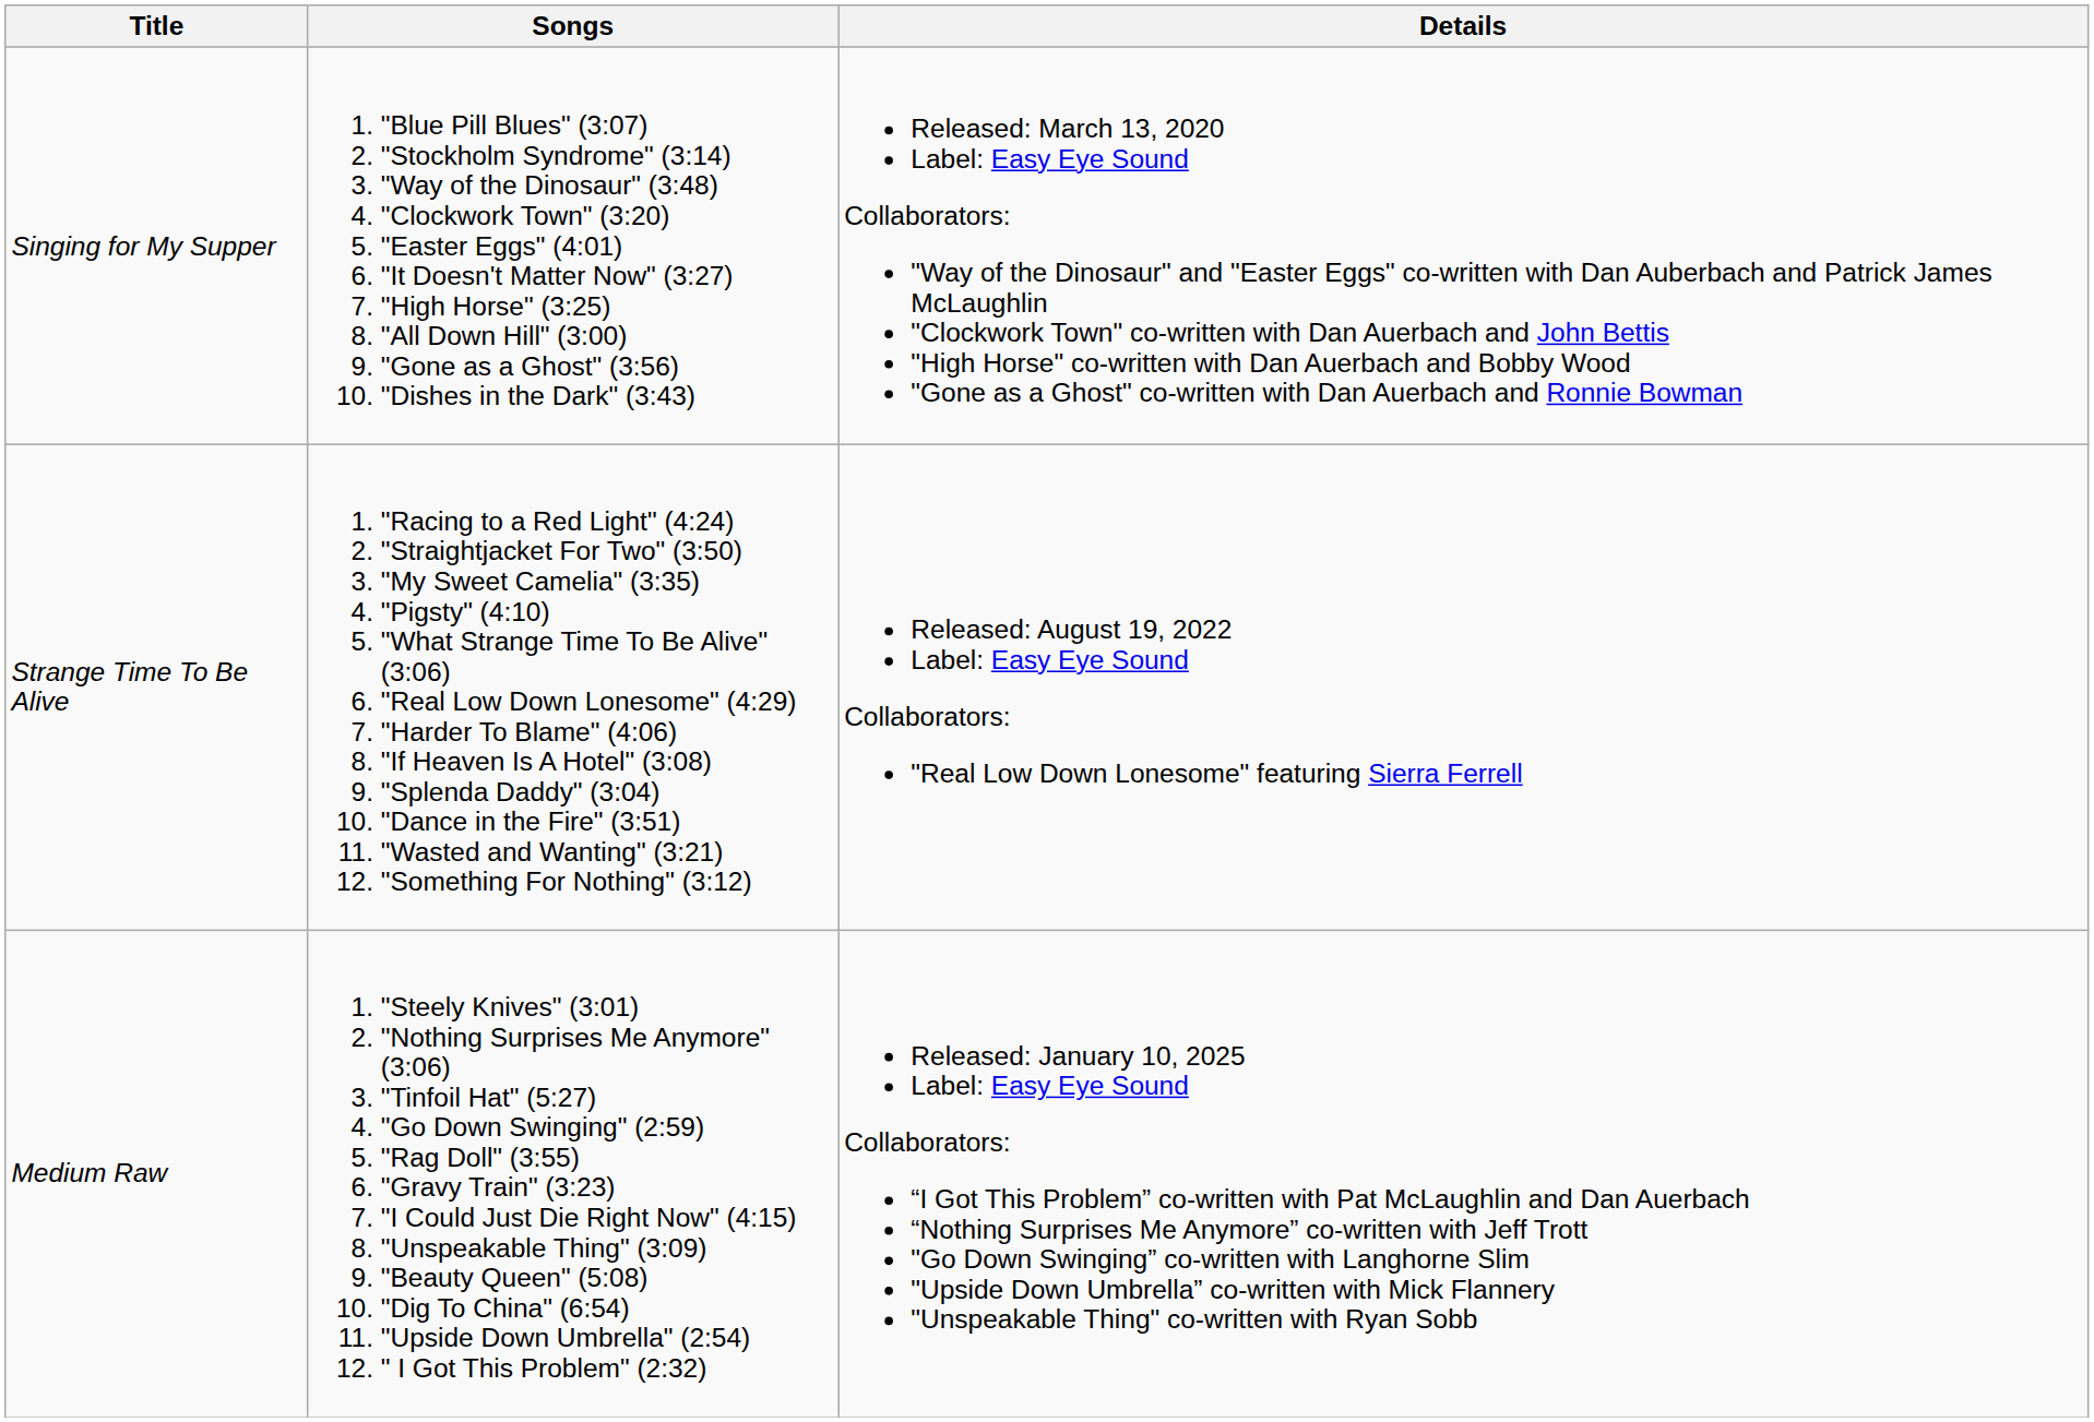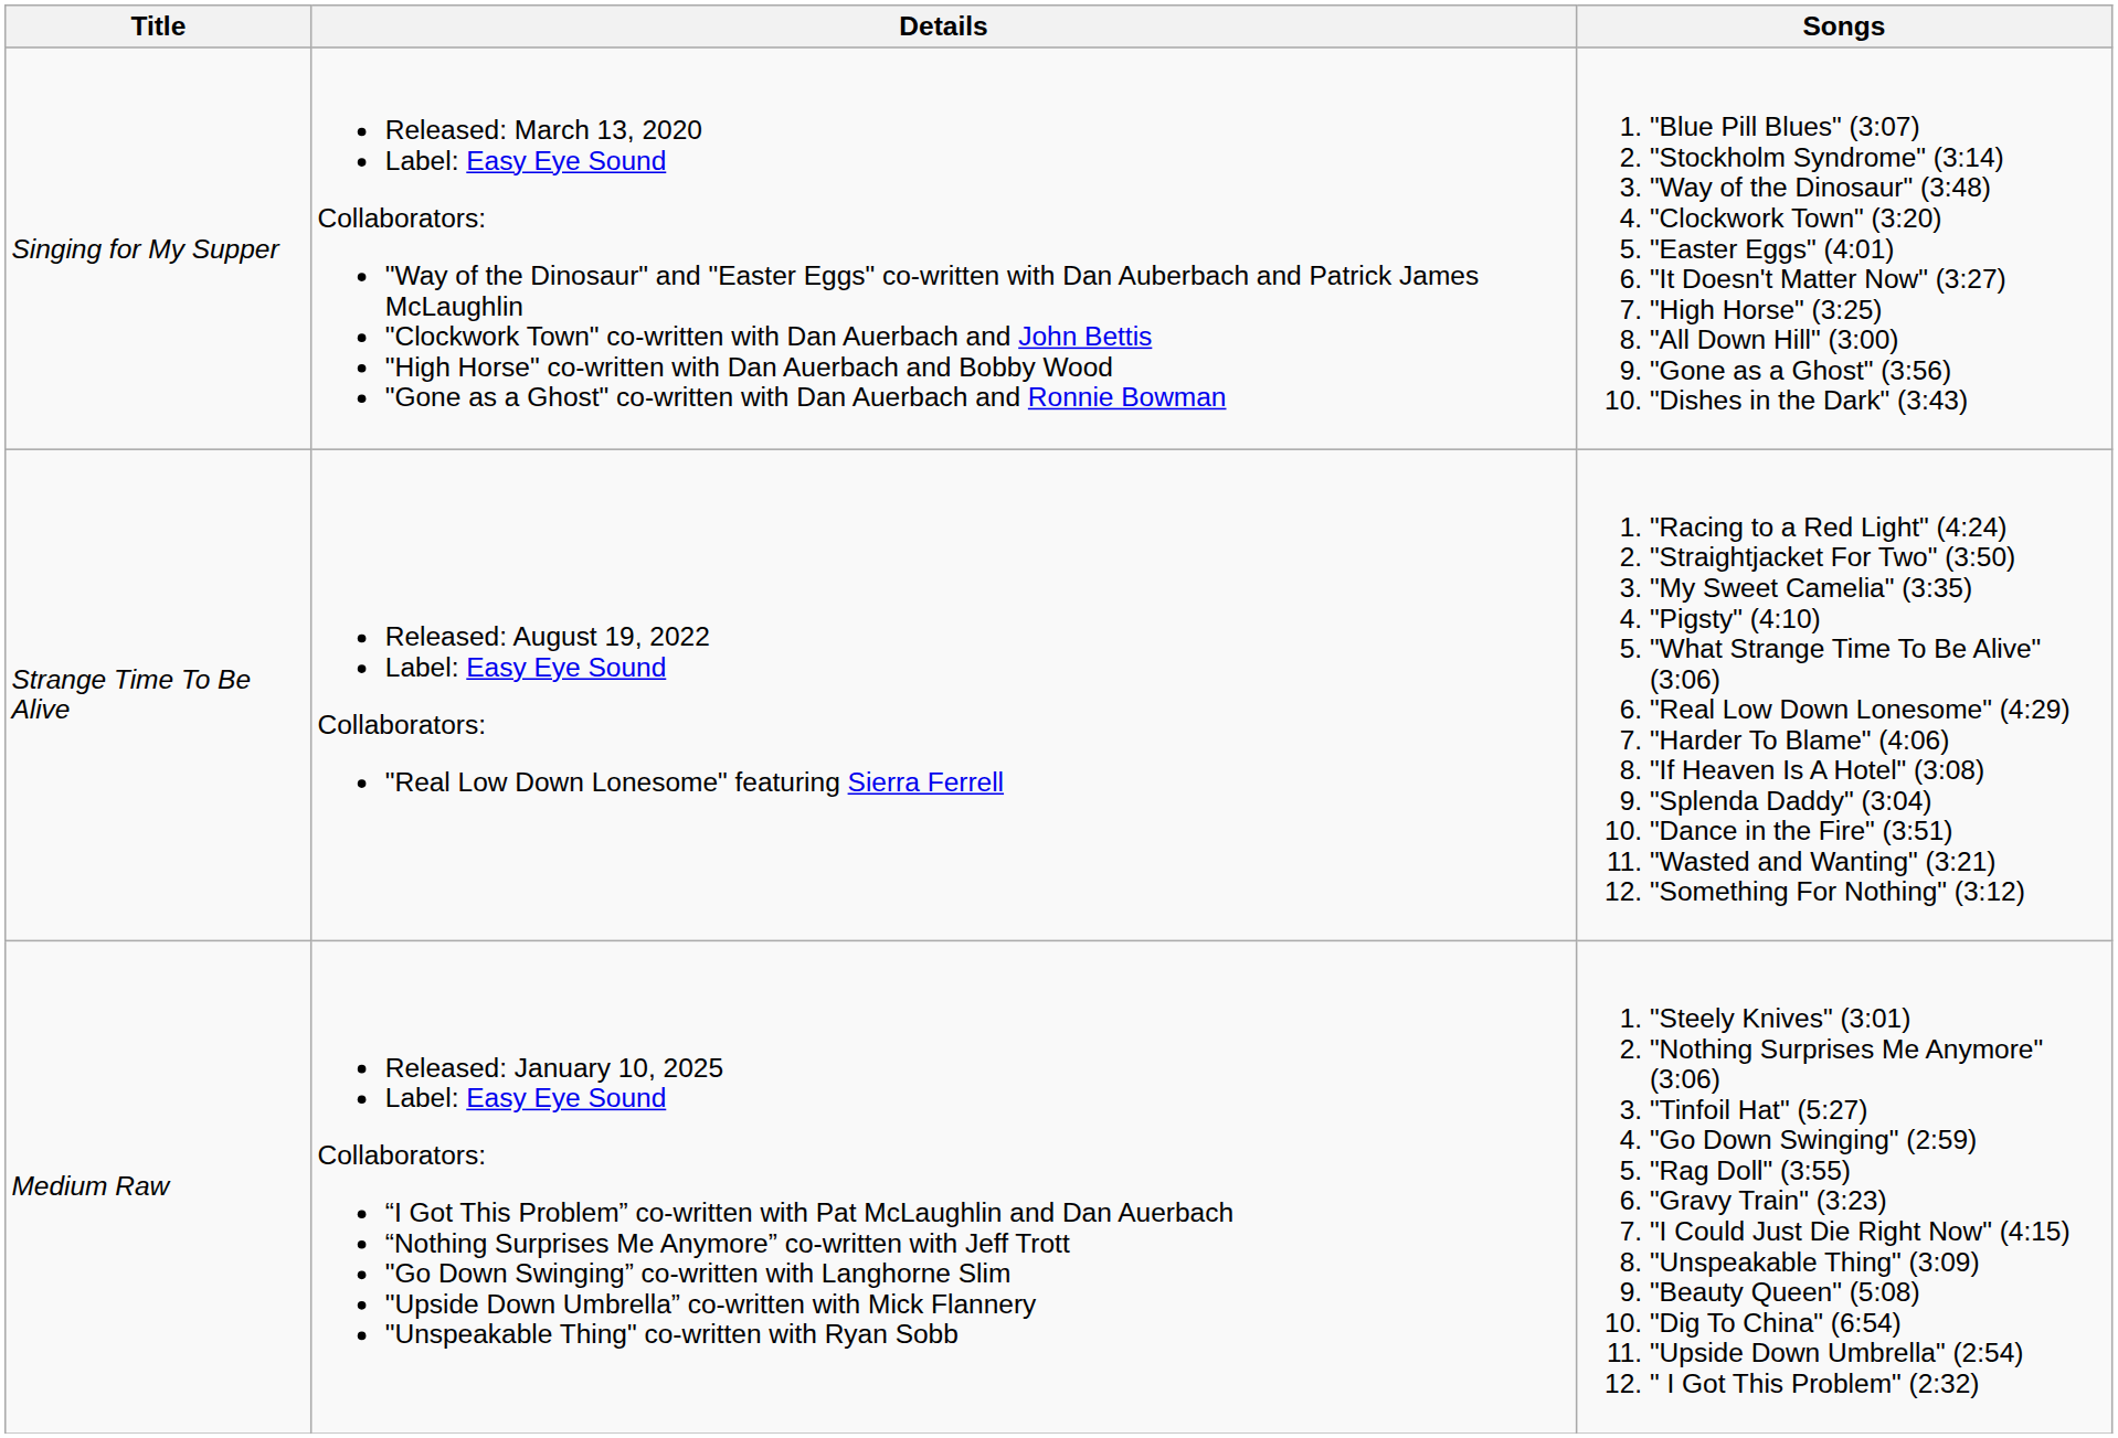 <table class="wikitable">
 <tr>
 <th>Title</th>
+<th>Details</th>
 <th>Songs</th>
-<th>Details</th>
 </tr>
 <tr>
 <td><em>Singing for My Supper</em></td>
+<td><br><ul><li>Released: March 13, 2020</li><li>Label: <a href='#'>Easy Eye Sound</a></li></ul>Collaborators:<ul><li>"Way of the Dinosaur" and "Easter Eggs" co-written with Dan Auberbach and Patrick James McLaughlin</li><li>"Clockwork Town" co-written with Dan Auerbach and <a href='#'>John Bettis</a></li><li>"High Horse" co-written with Dan Auerbach and Bobby Wood</li><li>"Gone as a Ghost" co-written with Dan Auerbach and <a href='#'>Ronnie Bowman</a></li></ul></td>
 <td><br><ol><li><bdi>"Blue Pill Blues" (</bdi>3:07)</li><li><bdi>"Stockholm Syndrome" (</bdi>3:14)</li><li><bdi>"Way of the Dinosaur" (</bdi>3:48)</li><li><bdi>"Clockwork Town" (</bdi>3:20)</li><li><bdi>"Easter Eggs" (</bdi>4:01)</li><li><bdi>"It Doesn't Matter Now" (</bdi>3:27)</li><li><bdi>"High Horse" (</bdi>3:25)</li><li><bdi>"All Down Hill" (</bdi>3:00)</li><li><bdi>"Gone as a Ghost" (</bdi>3:56)</li><li><bdi>"Dishes in the Dark" (</bdi>3:43)</li></ol></td>
-<td><br><ul><li>Released: March 13, 2020</li><li>Label: <a href='#'>Easy Eye Sound</a></li></ul>Collaborators:<ul><li>"Way of the Dinosaur" and "Easter Eggs" co-written with Dan Auberbach and Patrick James McLaughlin</li><li>"Clockwork Town" co-written with Dan Auerbach and <a href='#'>John Bettis</a></li><li>"High Horse" co-written with Dan Auerbach and Bobby Wood</li><li>"Gone as a Ghost" co-written with Dan Auerbach and <a href='#'>Ronnie Bowman</a></li></ul></td>
 </tr>
 <tr>
 <td><em>Strange Time To Be Alive</em></td>
+<td><br><ul><li>Released: August 19, 2022</li><li>Label: <a href='#'>Easy Eye Sound</a></li></ul>Collaborators:<ul><li>"Real Low Down Lonesome" featuring <a href='#'>Sierra Ferrell</a></li></ul></td>
 <td><br><ol><li>"Racing to a Red Light" (4:24)</li><li>"Straightjacket For Two" (3:50)</li><li>"My Sweet Camelia" (3:35)</li><li>"Pigsty" (4:10)</li><li>"What Strange Time To Be Alive" (3:06)</li><li>"Real Low Down Lonesome" (4:29)</li><li>"Harder To Blame" (4:06)</li><li>"If Heaven Is A Hotel" (3:08)</li><li>"Splenda Daddy" (3:04)</li><li>"Dance in the Fire" (3:51)</li><li>"Wasted and Wanting" (3:21)</li><li>"Something For Nothing" (3:12)</li></ol></td>
-<td><br><ul><li>Released: August 19, 2022</li><li>Label: <a href='#'>Easy Eye Sound</a></li></ul>Collaborators:<ul><li>"Real Low Down Lonesome" featuring <a href='#'>Sierra Ferrell</a></li></ul></td>
 </tr>
 <tr>
 <td><em>Medium Raw</em></td>
+<td><br><ul><li>Released: January 10, 2025</li><li>Label: <a href='#'>Easy Eye Sound</a></li></ul>Collaborators:<ul><li>“I Got This Problem” co-written with Pat McLaughlin and Dan Auerbach</li><li>“Nothing Surprises Me Anymore” co-written with Jeff Trott</li><li>"Go Down Swinging” co-written with Langhorne Slim</li><li>"Upside Down Umbrella” co-written with Mick Flannery</li><li>"Unspeakable Thing" co-written with Ryan Sobb</li></ul></td>
 <td><br><ol><li>"Steely Knives" (3:01)</li><li>"Nothing Surprises Me Anymore" (3:06)</li><li>"Tinfoil Hat" (5:27)</li><li>"Go Down Swinging" (2:59)</li><li>"Rag Doll" (3:55)</li><li>"Gravy Train" (3:23)</li><li>"I Could Just Die Right Now" (4:15)</li><li>"Unspeakable Thing" (3:09)</li><li>"Beauty Queen" (5:08)</li><li>"Dig To China" (6:54)</li><li>"Upside Down Umbrella" (2:54)</li><li>"		I Got This Problem" (2:32)</li></ol></td>
-<td><br><ul><li>Released: January 10, 2025</li><li>Label: <a href='#'>Easy Eye Sound</a></li></ul>Collaborators:<ul><li>“I Got This Problem” co-written with Pat McLaughlin and Dan Auerbach</li><li>“Nothing Surprises Me Anymore” co-written with Jeff Trott</li><li>"Go Down Swinging” co-written with Langhorne Slim</li><li>"Upside Down Umbrella” co-written with Mick Flannery</li><li>"Unspeakable Thing" co-written with Ryan Sobb</li></ul></td>
 </tr>
 </table>
